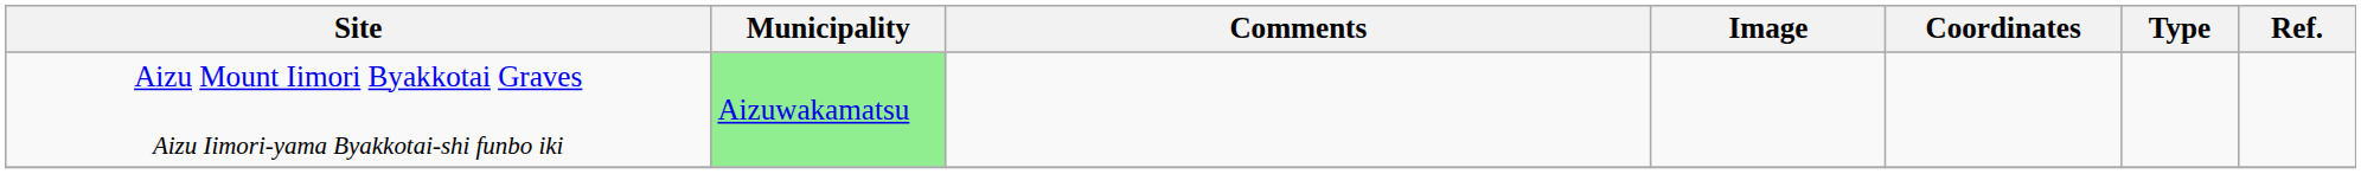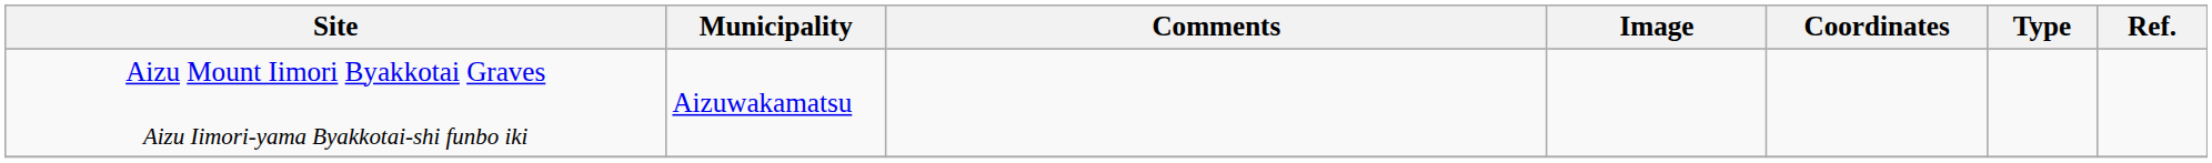 <table class="wikitable sortable"  style="width:100%;">
 <tr>
 <th width="30%" align="left">Site</th>
 <th width="10%" align="left">Municipality</th>
 <th width="30%" align="left" class="unsortable">Comments</th>
 <th width="10%" align="left"  class="unsortable">Image</th>
 <th width="10%" align="left" class="unsortable">Coordinates</th>
 <th width="5%" align="left">Type</th>
 <th width="5%" align="left"  class="unsortable">Ref.</th>
 </tr>
 <tr>
 <td align="center"><a href='#'>Aizu</a> <a href='#'>Mount Iimori</a> <a href='#'>Byakkotai</a> <a href='#'>Graves</a><br><br><small><em>Aizu Iimori-yama Byakkotai-shi funbo iki</em></small></td>
-<td style="background: lightgreen;"><a href='#'>Aizuwakamatsu</a></td>
+<td><a href='#'>Aizuwakamatsu</a></td>
 <td></td>
 <td></td>
 <td></td>
 <td></td>
 <td></td>
 </tr>
 <tr>
 </tr>
 </table>
